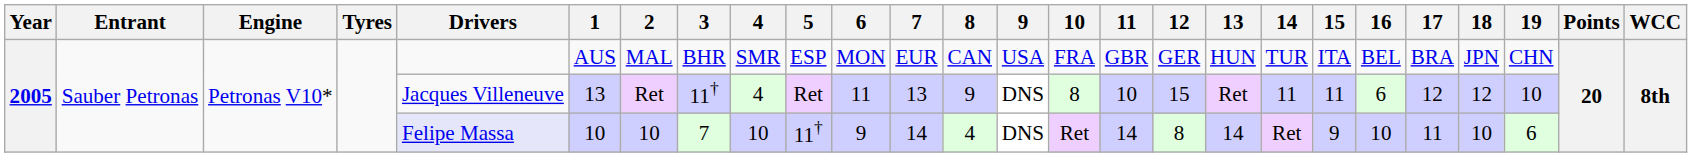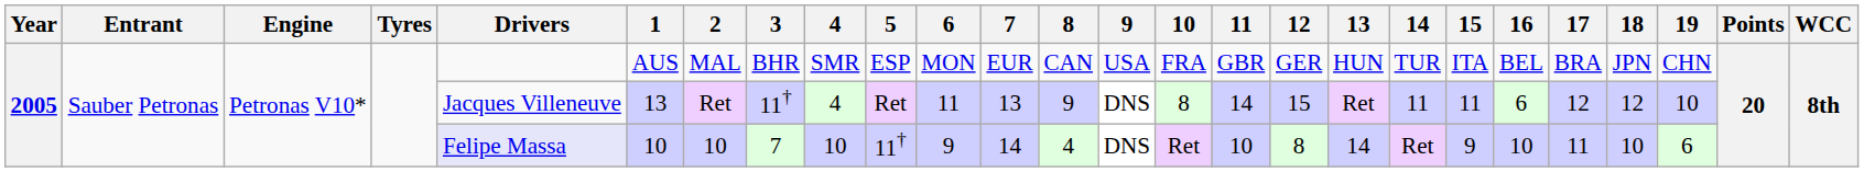 <table class="wikitable" style="text-align:center; font-size:95%">
 <tr>
 <th>Year</th>
 <th>Entrant</th>
 <th>Engine</th>
 <th>Tyres</th>
 <th>Drivers</th>
 <th>1</th>
 <th>2</th>
 <th>3</th>
 <th>4</th>
 <th>5</th>
 <th>6</th>
 <th>7</th>
 <th>8</th>
 <th>9</th>
 <th>10</th>
 <th>11</th>
 <th>12</th>
 <th>13</th>
 <th>14</th>
 <th>15</th>
 <th>16</th>
 <th>17</th>
 <th>18</th>
 <th>19</th>
 <th>Points</th>
 <th>WCC</th>
 </tr>
 <tr>
 <th rowspan="3"><a href='#'>2005</a></th>
 <td rowspan="3"><a href='#'>Sauber</a> <a href='#'>Petronas</a></td>
 <td rowspan="3"><a href='#'>Petronas</a> <a href='#'>V10</a>*</td>
 <td rowspan="3"></td>
 <td></td>
 <td><a href='#'>AUS</a></td>
 <td><a href='#'>MAL</a></td>
 <td><a href='#'>BHR</a></td>
 <td><a href='#'>SMR</a></td>
 <td><a href='#'>ESP</a></td>
 <td><a href='#'>MON</a></td>
 <td><a href='#'>EUR</a></td>
 <td><a href='#'>CAN</a></td>
 <td><a href='#'>USA</a></td>
 <td><a href='#'>FRA</a></td>
 <td><a href='#'>GBR</a></td>
 <td><a href='#'>GER</a></td>
 <td><a href='#'>HUN</a></td>
 <td><a href='#'>TUR</a></td>
 <td><a href='#'>ITA</a></td>
 <td><a href='#'>BEL</a></td>
 <td><a href='#'>BRA</a></td>
 <td><a href='#'>JPN</a></td>
 <td><a href='#'>CHN</a></td>
 <th rowspan="3">20</th>
 <th rowspan="3">8th</th>
 </tr>
 <tr>
 <td align="left"> <a href='#'>Jacques Villeneuve</a></td>
 <td style="background:#CFCFFF;">13</td>
 <td style="background:#EFCFFF;">Ret</td>
 <td style="background:#CFCFFF;">11<sup>†</sup></td>
 <td style="background:#DFFFDF;">4</td>
 <td style="background:#EFCFFF;">Ret</td>
 <td style="background:#CFCFFF;">11</td>
 <td style="background:#CFCFFF;">13</td>
 <td style="background:#CFCFFF;">9</td>
 <td style="background:#ffffff;">DNS</td>
 <td style="background:#DFFFDF;">8</td>
-<td style="background:#CFCFFF;">10</td>
+<td style="background:#CFCFFF;">14</td>
 <td style="background:#CFCFFF;">15</td>
 <td style="background:#EFCFFF;">Ret</td>
 <td style="background:#CFCFFF;">11</td>
 <td style="background:#CFCFFF;">11</td>
 <td style="background:#DFFFDF;">6</td>
 <td style="background:#CFCFFF;">12</td>
 <td style="background:#CFCFFF;">12</td>
 <td style="background:#CFCFFF;">10</td>
 </tr>
 <tr>
 <td align="left" style="background: lavender;"> <a href='#'>Felipe Massa</a></td>
 <td style="background:#CFCFFF;">10</td>
 <td style="background:#CFCFFF;">10</td>
 <td style="background:#DFFFDF;">7</td>
 <td style="background:#CFCFFF;">10</td>
 <td style="background:#CFCFFF;">11<sup>†</sup></td>
 <td style="background:#CFCFFF;">9</td>
 <td style="background:#CFCFFF;">14</td>
 <td style="background:#DFFFDF;">4</td>
 <td style="background:#ffffff;">DNS</td>
 <td style="background:#EFCFFF;">Ret</td>
-<td style="background:#CFCFFF;">14</td>
+<td style="background:#CFCFFF;">10</td>
 <td style="background:#DFFFDF;">8</td>
 <td style="background:#CFCFFF;">14</td>
 <td style="background:#EFCFFF;">Ret</td>
 <td style="background:#CFCFFF;">9</td>
 <td style="background:#CFCFFF;">10</td>
 <td style="background:#CFCFFF;">11</td>
 <td style="background:#CFCFFF;">10</td>
 <td style="background:#DFFFDF;">6</td>
 </tr>
 </table>
